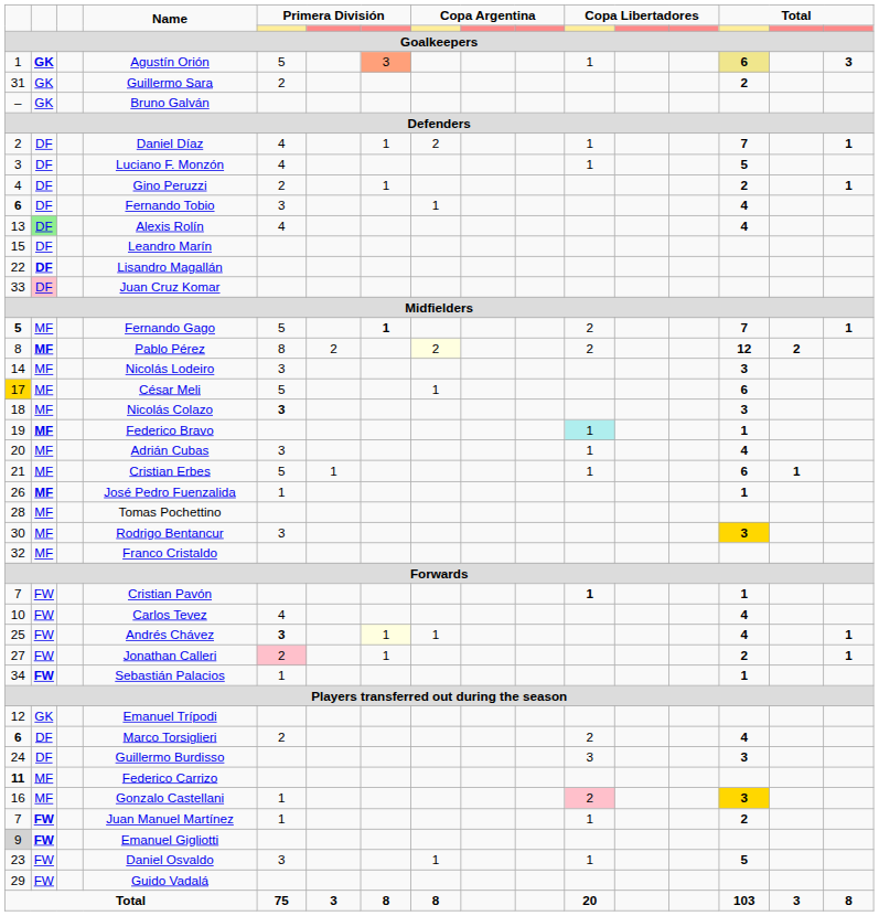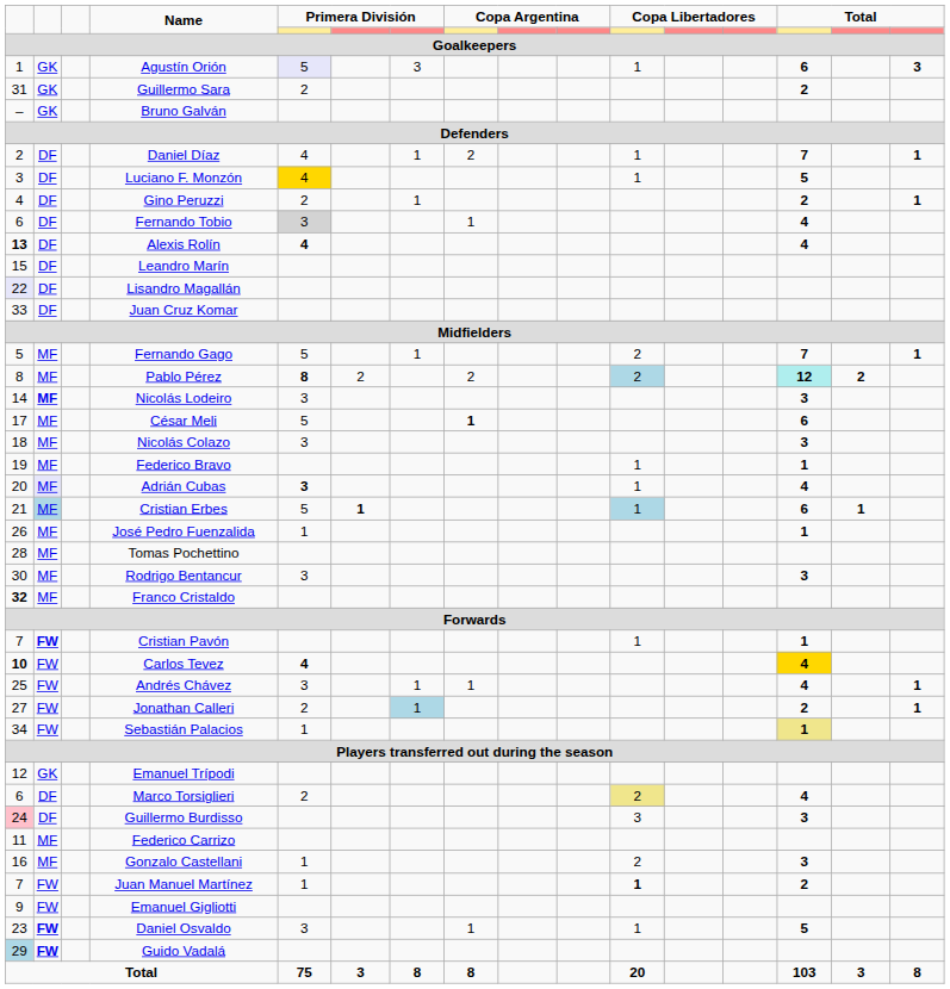 <table class="wikitable" style="font-size: 95%; text-align: center;">
 <tr>
 <td rowspan="2" style="width:3%; text-align:center;"><strong></strong></td>
 <td rowspan="2" style="width:3%; text-align:center;"><strong></strong></td>
 <td rowspan="2" style="width:3%; text-align:center;"><strong></strong></td>
 <td rowspan="2" style="width:20%; text-align:center;"><strong>Name</strong></td>
 <td colspan="3" style="text-align:center;"><strong>Primera División</strong></td>
 <td colspan="3" style="text-align:center;"><strong>Copa Argentina</strong></td>
 <td colspan="3" style="text-align:center;"><strong>Copa Libertadores</strong></td>
 <td colspan="3" style="text-align:center;"><strong>Total</strong></td>
 </tr>
 <tr>
 <th style="width:25px; background:#fe9;"></th>
 <th style="width:28px; background:#ff8888;"></th>
 <th style="width:25px; background:#ff8888;"></th>
 <th style="width:25px; background:#fe9;"></th>
 <th style="width:28px; background:#ff8888;"></th>
 <th style="width:25px; background:#ff8888;"></th>
 <th style="width:25px; background:#fe9;"></th>
 <th style="width:28px; background:#ff8888;"></th>
 <th style="width:25px; background:#ff8888;"></th>
 <th style="width:25px; background:#fe9;"></th>
 <th style="width:28px; background:#ff8888;"></th>
 <th style="width:25px; background:#ff8888;"></th>
 </tr>
 <tr>
 <th colspan="19" style="background:#dcdcdc; text-align:center">Goalkeepers</th>
 </tr>
 <tr>
 <td>1</td>
-<td><strong><a href='#'>GK</a></strong></td>
+<td><a href='#'>GK</a></td>
 <td></td>
 <td><a href='#'>Agustín Orión</a></td>
-<td>5</td>
+<td style="background: lavender;">5</td>
 <td></td>
-<td style="background: lightsalmon;">3</td>
+<td>3</td>
 <td></td>
 <td></td>
 <td></td>
 <td>1</td>
 <td></td>
 <td></td>
-<td style="background: khaki;"><strong>6</strong></td>
+<td><strong>6</strong></td>
 <td></td>
 <td><strong>3</strong></td>
 </tr>
 <tr>
 <td>31</td>
 <td><a href='#'>GK</a></td>
 <td></td>
 <td><a href='#'>Guillermo Sara</a></td>
 <td>2</td>
 <td></td>
 <td></td>
 <td></td>
 <td></td>
 <td></td>
 <td></td>
 <td></td>
 <td></td>
 <td><strong>2</strong></td>
 <td></td>
 <td></td>
 </tr>
 <tr>
 <td>–</td>
 <td><a href='#'>GK</a></td>
 <td></td>
 <td><a href='#'>Bruno Galván</a></td>
 <td></td>
 <td></td>
 <td></td>
 <td></td>
 <td></td>
 <td></td>
 <td></td>
 <td></td>
 <td></td>
 <td></td>
 <td></td>
 <td></td>
 </tr>
 <tr>
 <th colspan="19" style="background:#dcdcdc; text-align:center">Defenders</th>
 </tr>
 <tr>
 <td>2</td>
 <td><a href='#'>DF</a></td>
 <td></td>
 <td><a href='#'>Daniel Díaz</a></td>
 <td>4</td>
 <td></td>
 <td>1</td>
 <td>2</td>
 <td></td>
 <td></td>
 <td>1</td>
 <td></td>
 <td></td>
 <td><strong>7</strong></td>
 <td></td>
 <td><strong>1</strong></td>
 </tr>
 <tr>
 <td>3</td>
 <td><a href='#'>DF</a></td>
 <td></td>
 <td><a href='#'>Luciano F. Monzón</a></td>
-<td>4</td>
+<td style="background: gold;">4</td>
 <td></td>
 <td></td>
 <td></td>
 <td></td>
 <td></td>
 <td>1</td>
 <td></td>
 <td></td>
 <td><strong>5</strong></td>
 <td></td>
 <td></td>
 </tr>
 <tr>
 <td>4</td>
 <td><a href='#'>DF</a></td>
 <td></td>
 <td><a href='#'>Gino Peruzzi</a></td>
 <td>2</td>
 <td></td>
 <td>1</td>
 <td></td>
 <td></td>
 <td></td>
 <td></td>
 <td></td>
 <td></td>
 <td><strong>2</strong></td>
 <td></td>
 <td><strong>1</strong></td>
 </tr>
 <tr>
-<td><strong>6</strong></td>
+<td>6</td>
 <td><a href='#'>DF</a></td>
 <td></td>
 <td><a href='#'>Fernando Tobio</a></td>
-<td>3</td>
+<td style="background: lightgrey;">3</td>
 <td></td>
 <td></td>
 <td>1</td>
 <td></td>
 <td></td>
 <td></td>
 <td></td>
 <td></td>
 <td><strong>4</strong></td>
 <td></td>
 <td></td>
 </tr>
 <tr>
-<td>13</td>
-<td style="background: lightgreen;"><a href='#'>DF</a></td>
+<td><strong>13</strong></td>
+<td><a href='#'>DF</a></td>
 <td></td>
 <td><a href='#'>Alexis Rolín</a></td>
-<td>4</td>
+<td><strong>4</strong></td>
 <td></td>
 <td></td>
 <td></td>
 <td></td>
 <td></td>
 <td></td>
 <td></td>
 <td></td>
 <td><strong>4</strong></td>
 <td></td>
 <td></td>
 </tr>
 <tr>
 <td>15</td>
 <td><a href='#'>DF</a></td>
 <td></td>
 <td><a href='#'>Leandro Marín</a></td>
 <td></td>
 <td></td>
 <td></td>
 <td></td>
 <td></td>
 <td></td>
 <td></td>
 <td></td>
 <td></td>
 <td></td>
 <td></td>
 <td></td>
 </tr>
 <tr>
-<td>22</td>
-<td><strong><a href='#'>DF</a></strong></td>
+<td style="background: lavender;">22</td>
+<td><a href='#'>DF</a></td>
 <td></td>
 <td><a href='#'>Lisandro Magallán</a></td>
 <td></td>
 <td></td>
 <td></td>
 <td></td>
 <td></td>
 <td></td>
 <td></td>
 <td></td>
 <td></td>
 <td></td>
 <td></td>
 <td></td>
 </tr>
 <tr>
 <td>33</td>
-<td style="background: pink;"><a href='#'>DF</a></td>
+<td><a href='#'>DF</a></td>
 <td></td>
 <td><a href='#'>Juan Cruz Komar</a></td>
 <td></td>
 <td></td>
 <td></td>
 <td></td>
 <td></td>
 <td></td>
 <td></td>
 <td></td>
 <td></td>
 <td></td>
 <td></td>
 <td></td>
 </tr>
 <tr>
 <th colspan="19" style="background:#dcdcdc; text-align:center">Midfielders</th>
 </tr>
 <tr>
-<td><strong>5</strong></td>
+<td>5</td>
 <td><a href='#'>MF</a></td>
 <td></td>
 <td><a href='#'>Fernando Gago</a></td>
 <td>5</td>
 <td></td>
-<td><strong>1</strong></td>
+<td>1</td>
 <td></td>
 <td></td>
 <td></td>
 <td>2</td>
 <td></td>
 <td></td>
 <td><strong>7</strong></td>
 <td></td>
 <td><strong>1</strong></td>
 </tr>
 <tr>
 <td>8</td>
-<td><strong><a href='#'>MF</a></strong></td>
+<td><a href='#'>MF</a></td>
 <td></td>
 <td><a href='#'>Pablo Pérez</a></td>
-<td>8</td>
+<td><strong>8</strong></td>
 <td>2</td>
-<td></td>
-<td style="background: lightyellow;">2</td>
-<td></td>
 <td></td>
 <td>2</td>
 <td></td>
 <td></td>
-<td><strong>12</strong></td>
+<td style="background: lightblue;">2</td>
+<td></td>
+<td></td>
+<td style="background: paleturquoise;"><strong>12</strong></td>
 <td><strong>2</strong></td>
 <td></td>
 </tr>
 <tr>
 <td>14</td>
-<td><a href='#'>MF</a></td>
+<td><strong><a href='#'>MF</a></strong></td>
 <td></td>
 <td><a href='#'>Nicolás Lodeiro</a></td>
 <td>3</td>
 <td></td>
 <td></td>
 <td></td>
 <td></td>
 <td></td>
 <td></td>
 <td></td>
 <td></td>
 <td><strong>3</strong></td>
 <td></td>
 <td></td>
 </tr>
 <tr>
-<td style="background: gold;">17</td>
+<td>17</td>
 <td><a href='#'>MF</a></td>
 <td></td>
 <td><a href='#'>César Meli</a></td>
 <td>5</td>
 <td></td>
 <td></td>
-<td>1</td>
+<td><strong>1</strong></td>
 <td></td>
 <td></td>
 <td></td>
 <td></td>
 <td></td>
 <td><strong>6</strong></td>
 <td></td>
 <td></td>
 </tr>
 <tr>
 <td>18</td>
 <td><a href='#'>MF</a></td>
 <td></td>
 <td><a href='#'>Nicolás Colazo</a></td>
-<td><strong>3</strong></td>
+<td>3</td>
 <td></td>
 <td></td>
 <td></td>
 <td></td>
 <td></td>
 <td></td>
 <td></td>
 <td></td>
 <td><strong>3</strong></td>
 <td></td>
 <td></td>
 </tr>
 <tr>
 <td>19</td>
-<td><strong><a href='#'>MF</a></strong></td>
+<td><a href='#'>MF</a></td>
 <td></td>
 <td><a href='#'>Federico Bravo</a></td>
 <td></td>
 <td></td>
 <td></td>
 <td></td>
 <td></td>
 <td></td>
-<td style="background: paleturquoise;">1</td>
+<td>1</td>
 <td></td>
 <td></td>
 <td><strong>1</strong></td>
 <td></td>
 <td></td>
 </tr>
 <tr>
 <td>20</td>
-<td><a href='#'>MF</a></td>
+<td style="background: lavender;"><a href='#'>MF</a></td>
 <td></td>
 <td><a href='#'>Adrián Cubas</a></td>
-<td>3</td>
+<td><strong>3</strong></td>
 <td></td>
 <td></td>
 <td></td>
 <td></td>
 <td></td>
 <td>1</td>
 <td></td>
 <td></td>
 <td><strong>4</strong></td>
 <td></td>
 <td></td>
 </tr>
 <tr>
 <td>21</td>
-<td><a href='#'>MF</a></td>
+<td style="background: lightblue;"><a href='#'>MF</a></td>
 <td></td>
 <td><a href='#'>Cristian Erbes</a></td>
 <td>5</td>
-<td>1</td>
+<td><strong>1</strong></td>
 <td></td>
 <td></td>
 <td></td>
 <td></td>
-<td>1</td>
+<td style="background: lightblue;">1</td>
 <td></td>
 <td></td>
 <td><strong>6</strong></td>
 <td><strong>1</strong></td>
 <td></td>
 </tr>
 <tr>
 <td>26</td>
-<td><strong><a href='#'>MF</a></strong></td>
+<td><a href='#'>MF</a></td>
 <td></td>
 <td><a href='#'>José Pedro Fuenzalida</a></td>
 <td>1</td>
 <td></td>
 <td></td>
 <td></td>
 <td></td>
 <td></td>
 <td></td>
 <td></td>
 <td></td>
 <td><strong>1</strong></td>
 <td></td>
 <td></td>
 </tr>
 <tr>
 <td>28</td>
 <td><a href='#'>MF</a></td>
 <td></td>
 <td>Tomas Pochettino</td>
 <td></td>
 <td></td>
 <td></td>
 <td></td>
 <td></td>
 <td></td>
 <td></td>
 <td></td>
 <td></td>
 <td></td>
 <td></td>
 <td></td>
 </tr>
 <tr>
 <td>30</td>
 <td><a href='#'>MF</a></td>
 <td></td>
 <td><a href='#'>Rodrigo Bentancur</a></td>
 <td>3</td>
 <td></td>
 <td></td>
 <td></td>
 <td></td>
 <td></td>
 <td></td>
 <td></td>
 <td></td>
-<td style="background: gold;"><strong>3</strong></td>
+<td><strong>3</strong></td>
 <td></td>
 <td></td>
 </tr>
 <tr>
-<td>32</td>
+<td><strong>32</strong></td>
 <td><a href='#'>MF</a></td>
 <td></td>
 <td><a href='#'>Franco Cristaldo</a></td>
 <td></td>
 <td></td>
 <td></td>
 <td></td>
 <td></td>
 <td></td>
 <td></td>
 <td></td>
 <td></td>
 <td></td>
 <td></td>
 <td></td>
 </tr>
 <tr>
 <th colspan="19" style="background:#dcdcdc; text-align:center">Forwards</th>
 </tr>
 <tr>
 <td>7</td>
-<td><a href='#'>FW</a></td>
+<td><strong><a href='#'>FW</a></strong></td>
 <td></td>
 <td><a href='#'>Cristian Pavón</a></td>
 <td></td>
 <td></td>
 <td></td>
 <td></td>
 <td></td>
 <td></td>
-<td><strong>1</strong></td>
+<td>1</td>
 <td></td>
 <td></td>
 <td><strong>1</strong></td>
 <td></td>
 <td></td>
 </tr>
 <tr>
-<td>10</td>
+<td><strong>10</strong></td>
 <td><a href='#'>FW</a></td>
 <td></td>
 <td><a href='#'>Carlos Tevez</a></td>
-<td>4</td>
+<td><strong>4</strong></td>
 <td></td>
 <td></td>
 <td></td>
 <td></td>
 <td></td>
 <td></td>
 <td></td>
 <td></td>
-<td><strong>4</strong></td>
+<td style="background: gold;"><strong>4</strong></td>
 <td></td>
 <td></td>
 </tr>
 <tr>
 <td>25</td>
 <td><a href='#'>FW</a></td>
 <td></td>
 <td><a href='#'>Andrés Chávez</a></td>
-<td><strong>3</strong></td>
+<td>3</td>
 <td></td>
-<td style="background: lightyellow;">1</td>
+<td>1</td>
 <td>1</td>
 <td></td>
 <td></td>
 <td></td>
 <td></td>
 <td></td>
 <td><strong>4</strong></td>
 <td></td>
 <td><strong>1</strong></td>
 </tr>
 <tr>
 <td>27</td>
 <td><a href='#'>FW</a></td>
 <td></td>
 <td><a href='#'>Jonathan Calleri</a></td>
-<td style="background: pink;">2</td>
+<td>2</td>
 <td></td>
-<td>1</td>
+<td style="background: lightblue;">1</td>
 <td></td>
 <td></td>
 <td></td>
 <td></td>
 <td></td>
 <td></td>
 <td><strong>2</strong></td>
 <td></td>
 <td><strong>1</strong></td>
 </tr>
 <tr>
 <td>34</td>
-<td><strong><a href='#'>FW</a></strong></td>
+<td><a href='#'>FW</a></td>
 <td></td>
 <td><a href='#'>Sebastián Palacios</a></td>
 <td>1</td>
 <td></td>
 <td></td>
 <td></td>
 <td></td>
 <td></td>
 <td></td>
 <td></td>
 <td></td>
-<td><strong>1</strong></td>
+<td style="background: khaki;"><strong>1</strong></td>
 <td></td>
 <td></td>
 </tr>
 <tr>
 <th colspan="19" style="background:#dcdcdc; text-align:center">Players transferred out during the season</th>
 </tr>
 <tr>
 <td>12</td>
 <td><a href='#'>GK</a></td>
 <td></td>
 <td><a href='#'>Emanuel Trípodi</a></td>
 <td></td>
 <td></td>
 <td></td>
 <td></td>
 <td></td>
 <td></td>
 <td></td>
 <td></td>
 <td></td>
 <td></td>
 <td></td>
 <td></td>
 </tr>
 <tr>
-<td><strong>6</strong></td>
+<td>6</td>
 <td><a href='#'>DF</a></td>
 <td></td>
 <td><a href='#'>Marco Torsiglieri</a></td>
 <td>2</td>
 <td></td>
 <td></td>
 <td></td>
 <td></td>
 <td></td>
-<td>2</td>
+<td style="background: khaki;">2</td>
 <td></td>
 <td></td>
 <td><strong>4</strong></td>
 <td></td>
 <td></td>
 </tr>
 <tr>
-<td>24</td>
+<td style="background: pink;">24</td>
 <td><a href='#'>DF</a></td>
 <td></td>
 <td><a href='#'>Guillermo Burdisso</a></td>
 <td></td>
 <td></td>
 <td></td>
 <td></td>
 <td></td>
 <td></td>
 <td>3</td>
 <td></td>
 <td></td>
 <td><strong>3</strong></td>
 <td></td>
 <td></td>
 </tr>
 <tr>
-<td><strong>11</strong></td>
+<td>11</td>
 <td><a href='#'>MF</a></td>
 <td></td>
 <td><a href='#'>Federico Carrizo</a></td>
 <td></td>
 <td></td>
 <td></td>
 <td></td>
 <td></td>
 <td></td>
 <td></td>
 <td></td>
 <td></td>
 <td></td>
 <td></td>
 <td></td>
 </tr>
 <tr>
 <td>16</td>
 <td><a href='#'>MF</a></td>
 <td></td>
 <td><a href='#'>Gonzalo Castellani</a></td>
 <td>1</td>
 <td></td>
 <td></td>
 <td></td>
 <td></td>
 <td></td>
-<td style="background: pink;">2</td>
+<td>2</td>
 <td></td>
 <td></td>
-<td style="background: gold;"><strong>3</strong></td>
+<td><strong>3</strong></td>
 <td></td>
 <td></td>
 </tr>
 <tr>
 <td>7</td>
-<td><strong><a href='#'>FW</a></strong></td>
+<td><a href='#'>FW</a></td>
 <td></td>
 <td><a href='#'>Juan Manuel Martínez</a></td>
 <td>1</td>
 <td></td>
 <td></td>
 <td></td>
 <td></td>
 <td></td>
-<td>1</td>
+<td><strong>1</strong></td>
 <td></td>
 <td></td>
 <td><strong>2</strong></td>
 <td></td>
 <td></td>
 </tr>
 <tr>
-<td style="background: lightgrey;">9</td>
-<td><strong><a href='#'>FW</a></strong></td>
+<td>9</td>
+<td><a href='#'>FW</a></td>
 <td></td>
 <td><a href='#'>Emanuel Gigliotti</a></td>
 <td></td>
 <td></td>
 <td></td>
 <td></td>
 <td></td>
 <td></td>
 <td></td>
 <td></td>
 <td></td>
 <td></td>
 <td></td>
 <td></td>
 </tr>
 <tr>
 <td>23</td>
-<td><a href='#'>FW</a></td>
+<td><strong><a href='#'>FW</a></strong></td>
 <td></td>
 <td><a href='#'>Daniel Osvaldo</a></td>
 <td>3</td>
 <td></td>
 <td></td>
 <td>1</td>
 <td></td>
 <td></td>
 <td>1</td>
 <td></td>
 <td></td>
 <td><strong>5</strong></td>
 <td></td>
 <td></td>
 </tr>
 <tr>
-<td>29</td>
-<td><a href='#'>FW</a></td>
+<td style="background: lightblue;">29</td>
+<td><strong><a href='#'>FW</a></strong></td>
 <td></td>
 <td><a href='#'>Guido Vadalá</a></td>
 <td></td>
 <td></td>
 <td></td>
 <td></td>
 <td></td>
 <td></td>
 <td></td>
 <td></td>
 <td></td>
 <td></td>
 <td></td>
 <td></td>
 </tr>
 <tr>
 <td colspan=4><strong>Total</strong></td>
 <td><strong>75</strong></td>
 <td><strong>3</strong></td>
 <td><strong>8</strong></td>
 <td><strong>8</strong></td>
 <td></td>
 <td></td>
 <td><strong>20</strong></td>
 <td></td>
 <td></td>
 <td><strong>103</strong></td>
 <td><strong>3</strong></td>
 <td><strong>8</strong></td>
 </tr>
 </table>
